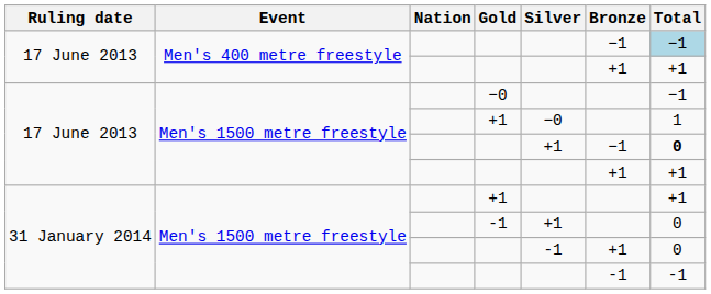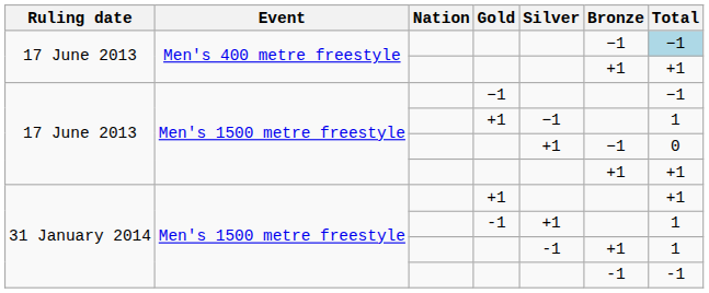 <table class="wikitable" style="text-align:center">
 <tr>
 <th>Ruling date</th>
 <th>Event</th>
 <th>Nation</th>
 <th>Gold</th>
 <th>Silver</th>
 <th>Bronze</th>
 <th>Total</th>
 </tr>
 <tr>
 <td rowspan=2>17 June 2013</td>
 <td rowspan=2><a href='#'>Men's 400 metre freestyle</a></td>
 <td align=left></td>
 <td></td>
 <td></td>
 <td>−1</td>
 <td style="background: lightblue;">−1</td>
 </tr>
 <tr>
 <td align=left></td>
 <td></td>
 <td></td>
 <td>+1</td>
 <td>+1</td>
 </tr>
 <tr>
 <td rowspan=4>17 June 2013</td>
 <td rowspan=4><a href='#'>Men's 1500 metre freestyle</a></td>
 <td align=left></td>
-<td>−0</td>
+<td>−1</td>
 <td></td>
 <td></td>
 <td>−1</td>
 </tr>
 <tr>
 <td align=left></td>
 <td>+1</td>
-<td>−0</td>
+<td>−1</td>
 <td></td>
 <td>1</td>
 </tr>
 <tr>
 <td align=left></td>
 <td></td>
 <td>+1</td>
 <td>−1</td>
-<td><strong>0</strong></td>
+<td>0</td>
 </tr>
 <tr>
 <td align=left></td>
 <td></td>
 <td></td>
 <td>+1</td>
 <td>+1</td>
 </tr>
 <tr>
 <td rowspan=4>31 January 2014</td>
 <td rowspan=4><a href='#'>Men's 1500 metre freestyle</a></td>
 <td align=left></td>
 <td>+1</td>
 <td></td>
 <td></td>
 <td>+1</td>
 </tr>
 <tr>
 <td align=left></td>
 <td>-1</td>
 <td>+1</td>
 <td></td>
-<td>0</td>
+<td>1</td>
 </tr>
 <tr>
 <td align=left></td>
 <td></td>
 <td>-1</td>
 <td>+1</td>
-<td>0</td>
+<td>1</td>
 </tr>
 <tr>
 <td align=left></td>
 <td></td>
 <td></td>
 <td>-1</td>
 <td>-1</td>
 </tr>
 </table>
